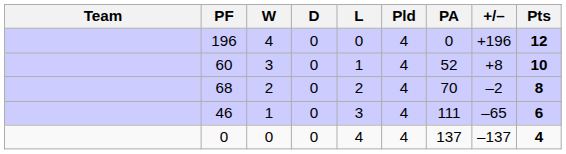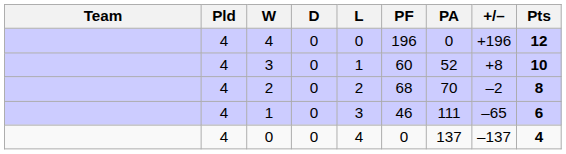 <table class="wikitable" style="text-align: center;">
 <tr>
 <th width="200">Team</th>
-<th width="40">PF</th>
+<th width="40">Pld</th>
 <th width="40">W</th>
 <th width="40">D</th>
 <th width="40">L</th>
-<th width="40">Pld</th>
+<th width="40">PF</th>
 <th width="40">PA</th>
 <th width="40">+/–</th>
 <th width="40">Pts</th>
 </tr>
 <tr bgcolor=ccccff>
 <td align=left></td>
-<td>196</td>
+<td>4</td>
 <td>4</td>
 <td>0</td>
 <td>0</td>
-<td>4</td>
+<td>196</td>
 <td>0</td>
 <td>+196</td>
 <td><strong>12</strong></td>
 </tr>
 <tr bgcolor=ccccff>
 <td align=left></td>
-<td>60</td>
+<td>4</td>
 <td>3</td>
 <td>0</td>
 <td>1</td>
-<td>4</td>
+<td>60</td>
 <td>52</td>
 <td>+8</td>
 <td><strong>10</strong></td>
 </tr>
 <tr bgcolor=ccccff>
 <td align=left></td>
-<td>68</td>
+<td>4</td>
 <td>2</td>
 <td>0</td>
 <td>2</td>
-<td>4</td>
+<td>68</td>
 <td>70</td>
 <td>–2</td>
 <td><strong>8</strong></td>
 </tr>
 <tr bgcolor=ccccff>
 <td align=left></td>
-<td>46</td>
+<td>4</td>
 <td>1</td>
 <td>0</td>
 <td>3</td>
-<td>4</td>
+<td>46</td>
 <td>111</td>
 <td>–65</td>
 <td><strong>6</strong></td>
 </tr>
 <tr>
 <td align=left></td>
-<td>0</td>
+<td>4</td>
 <td>0</td>
 <td>0</td>
 <td>4</td>
-<td>4</td>
+<td>0</td>
 <td>137</td>
 <td>–137</td>
 <td><strong>4</strong></td>
 </tr>
 </table>
